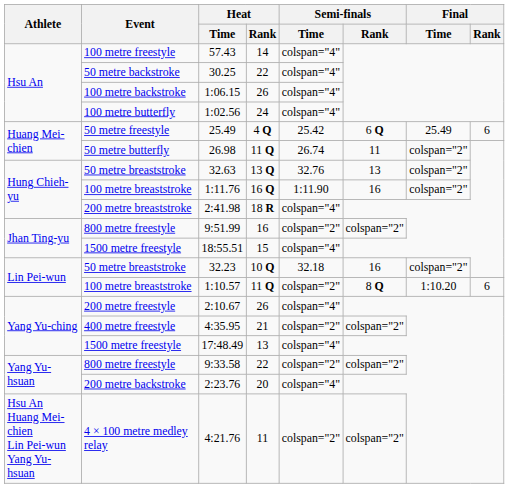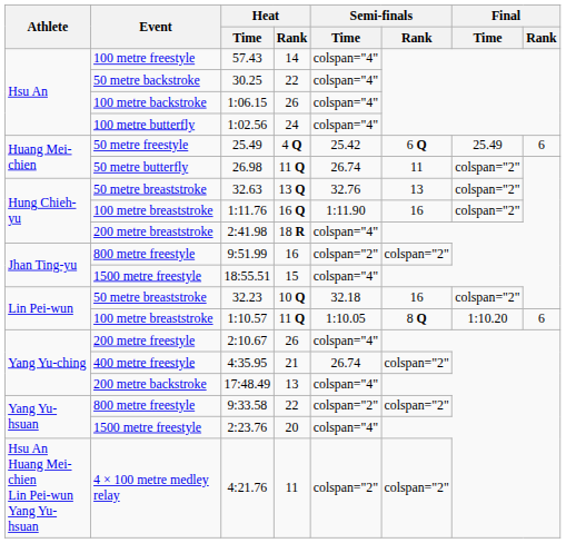 <table class="wikitable" style="font-size:90%; text-align:center">
 <tr>
 <th rowspan="2">Athlete</th>
 <th rowspan="2">Event</th>
 <th colspan="2">Heat</th>
 <th colspan="2">Semi-finals</th>
 <th colspan="2">Final</th>
 </tr>
 <tr>
 <th>Time</th>
 <th>Rank</th>
 <th>Time</th>
 <th>Rank</th>
 <th>Time</th>
 <th>Rank</th>
 </tr>
 <tr>
 <td align="left" rowspan="4"><a href='#'>Hsu An</a></td>
 <td align="left"><a href='#'>100 metre freestyle</a></td>
 <td>57.43</td>
 <td>14</td>
 <td>colspan="4" </td>
 </tr>
 <tr>
 <td align="left"><a href='#'>50 metre backstroke</a></td>
 <td>30.25</td>
 <td>22</td>
 <td>colspan="4" </td>
 </tr>
 <tr>
 <td align="left"><a href='#'>100 metre backstroke</a></td>
 <td>1:06.15</td>
 <td>26</td>
 <td>colspan="4" </td>
 </tr>
 <tr>
 <td align="left"><a href='#'>100 metre butterfly</a></td>
 <td>1:02.56</td>
 <td>24</td>
 <td>colspan="4" </td>
 </tr>
 <tr>
 <td align="left" rowspan="2"><a href='#'>Huang Mei-chien</a></td>
 <td align="left"><a href='#'>50 metre freestyle</a></td>
 <td>25.49 <strong></strong></td>
 <td>4 <strong>Q</strong></td>
 <td>25.42 <strong></strong></td>
 <td>6 <strong>Q</strong></td>
 <td>25.49</td>
 <td>6</td>
 </tr>
 <tr>
 <td align="left"><a href='#'>50 metre butterfly</a></td>
 <td>26.98</td>
 <td>11 <strong>Q</strong></td>
 <td>26.74</td>
 <td>11</td>
 <td>colspan="2" </td>
 </tr>
 <tr>
 <td align="left" rowspan="3"><a href='#'>Hung Chieh-yu</a></td>
 <td align="left"><a href='#'>50 metre breaststroke</a></td>
 <td>32.63</td>
 <td>13 <strong>Q</strong></td>
 <td>32.76</td>
 <td>13</td>
 <td>colspan="2" </td>
 </tr>
 <tr>
 <td align="left"><a href='#'>100 metre breaststroke</a></td>
 <td>1:11.76</td>
 <td>16 <strong>Q</strong></td>
 <td>1:11.90</td>
 <td>16</td>
 <td>colspan="2" </td>
 </tr>
 <tr>
 <td align="left"><a href='#'>200 metre breaststroke</a></td>
 <td>2:41.98</td>
 <td>18 <strong>R</strong></td>
 <td>colspan="4" </td>
 </tr>
 <tr>
 <td align="left" rowspan="2"><a href='#'>Jhan Ting-yu</a></td>
 <td align="left"><a href='#'>800 metre freestyle</a></td>
 <td>9:51.99</td>
 <td>16</td>
 <td>colspan="2" </td>
 <td>colspan="2" </td>
 </tr>
 <tr>
 <td align="left"><a href='#'>1500 metre freestyle</a></td>
 <td>18:55.51</td>
 <td>15</td>
 <td>colspan="4" </td>
 </tr>
 <tr>
 <td align="left" rowspan="2"><a href='#'>Lin Pei-wun</a></td>
 <td align="left"><a href='#'>50 metre breaststroke</a></td>
 <td>32.23</td>
 <td>10 <strong>Q</strong></td>
 <td>32.18</td>
 <td>16</td>
 <td>colspan="2" </td>
 </tr>
 <tr>
 <td align="left"><a href='#'>100 metre breaststroke</a></td>
 <td>1:10.57</td>
 <td>11 <strong>Q</strong></td>
-<td>colspan="2" </td>
+<td>1:10.05</td>
 <td>8 <strong>Q</strong></td>
 <td>1:10.20</td>
 <td>6</td>
 </tr>
 <tr>
 <td align="left" rowspan="3"><a href='#'>Yang Yu-ching</a></td>
 <td align="left"><a href='#'>200 metre freestyle</a></td>
 <td>2:10.67</td>
 <td>26</td>
 <td>colspan="4" </td>
 </tr>
 <tr>
 <td align="left"><a href='#'>400 metre freestyle</a></td>
 <td>4:35.95</td>
 <td>21</td>
-<td>colspan="2" </td>
+<td>26.74</td>
 <td>colspan="2" </td>
 </tr>
 <tr>
-<td align="left"><a href='#'>1500 metre freestyle</a></td>
+<td align="left"><a href='#'>200 metre backstroke</a></td>
 <td>17:48.49</td>
 <td>13</td>
 <td>colspan="4" </td>
 </tr>
 <tr>
 <td align="left" rowspan="2"><a href='#'>Yang Yu-hsuan</a></td>
 <td align="left"><a href='#'>800 metre freestyle</a></td>
 <td>9:33.58</td>
 <td>22</td>
 <td>colspan="2" </td>
 <td>colspan="2" </td>
 </tr>
 <tr>
-<td align="left"><a href='#'>200 metre backstroke</a></td>
+<td align="left"><a href='#'>1500 metre freestyle</a></td>
 <td>2:23.76</td>
 <td>20</td>
 <td>colspan="4" </td>
 </tr>
 <tr>
 <td align="left"><a href='#'>Hsu An</a><br><a href='#'>Huang Mei-chien</a><br><a href='#'>Lin Pei-wun</a><br><a href='#'>Yang Yu-hsuan</a></td>
 <td align="left"><a href='#'>4 × 100 metre medley relay</a></td>
 <td>4:21.76</td>
 <td>11</td>
 <td>colspan="2" </td>
 <td>colspan="2" </td>
 </tr>
 </table>
